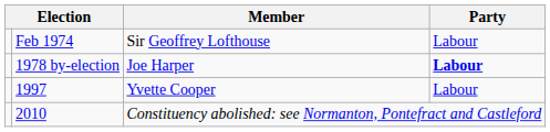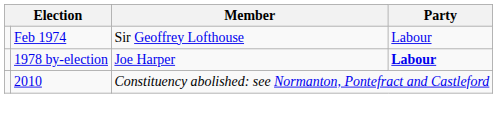 <table class="wikitable">
 <tr>
 <th colspan="2">Election</th>
 <th>Member</th>
 <th>Party</th>
 </tr>
 <tr>
 <td style="color:inherit;background-color: "></td>
 <td><a href='#'>Feb 1974</a></td>
 <td>Sir <a href='#'>Geoffrey Lofthouse</a></td>
 <td><a href='#'>Labour</a></td>
 </tr>
 <tr>
 <td style="color:inherit;background-color: "></td>
 <td><a href='#'>1978 by-election</a></td>
 <td><a href='#'>Joe Harper</a></td>
 <td><strong><a href='#'>Labour</a></strong></td>
 </tr>
 <tr>
-<td style="color:inherit;background-color: "></td>
-<td><a href='#'>1997</a></td>
-<td><a href='#'>Yvette Cooper</a></td>
-<td><a href='#'>Labour</a></td>
-</tr>
-<tr>
 <td></td>
 <td><a href='#'>2010</a></td>
 <td colspan="2"><em>Constituency abolished: see <a href='#'>Normanton, Pontefract and Castleford</a></em></td>
 </tr>
 </table>
